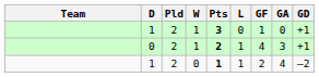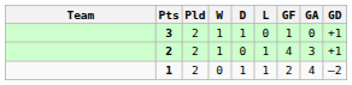 <table class=wikitable style="text-align:center">
 <tr>
 <th width=165>Team</th>
-<th width=20>D</th>
+<th width=20>Pts</th>
 <th width=20>Pld</th>
 <th width=20>W</th>
-<th width=20>Pts</th>
+<th width=20>D</th>
 <th width=20>L</th>
 <th width=20>GF</th>
 <th width=20>GA</th>
 <th width=20>GD</th>
 </tr>
 <tr align=center style="background:#ccffcc;">
 <td style="text-align:left;"></td>
-<td>1</td>
+<td><strong>3</strong></td>
 <td>2</td>
 <td>1</td>
-<td><strong>3</strong></td>
+<td>1</td>
 <td>0</td>
 <td>1</td>
 <td>0</td>
 <td>+1</td>
 </tr>
 <tr align=center style="background:#ccffcc;">
 <td style="text-align:left;"></td>
-<td>0</td>
+<td><strong>2</strong></td>
 <td>2</td>
 <td>1</td>
-<td><strong>2</strong></td>
+<td>0</td>
 <td>1</td>
 <td>4</td>
 <td>3</td>
 <td>+1</td>
 </tr>
 <tr align=center>
 <td style="text-align:left;"></td>
-<td>1</td>
+<td><strong>1</strong></td>
 <td>2</td>
 <td>0</td>
-<td><strong>1</strong></td>
+<td>1</td>
 <td>1</td>
 <td>2</td>
 <td>4</td>
 <td>–2</td>
 </tr>
 </table>
